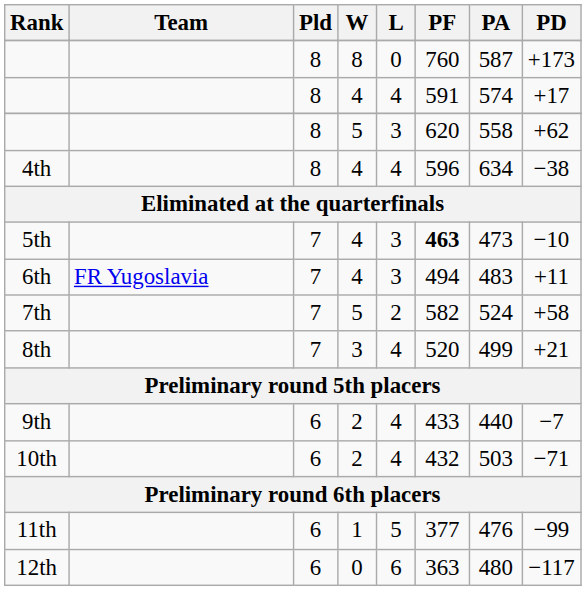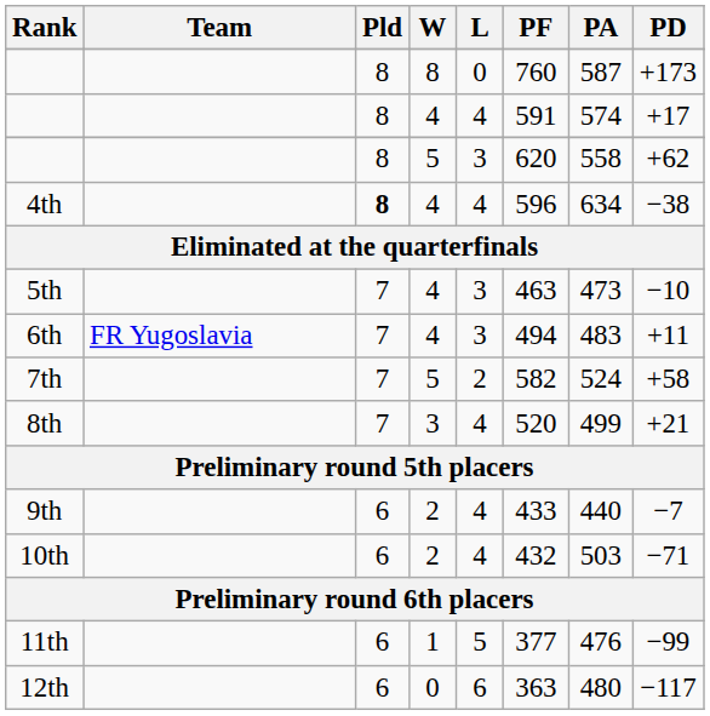 <table class=wikitable>
 <tr>
 <th>Rank</th>
 <th width=150px>Team</th>
 <th width=20px>Pld</th>
 <th width=20px>W</th>
 <th width=20px>L</th>
 <th width=30px>PF</th>
 <th width=30px>PA</th>
 <th width=30px>PD</th>
 </tr>
 <tr>
 </tr>
 <tr align=center>
 <td></td>
 <td align=left></td>
 <td>8</td>
 <td>8</td>
 <td>0</td>
 <td>760</td>
 <td>587</td>
 <td>+173</td>
 </tr>
 <tr align=center>
 <td></td>
 <td align=left></td>
 <td>8</td>
 <td>4</td>
 <td>4</td>
 <td>591</td>
 <td>574</td>
 <td>+17</td>
 </tr>
 <tr>
 </tr>
 <tr align=center>
 <td></td>
 <td align=left></td>
 <td>8</td>
 <td>5</td>
 <td>3</td>
 <td>620</td>
 <td>558</td>
 <td>+62</td>
 </tr>
 <tr align=center>
 <td>4th</td>
 <td align=left></td>
-<td>8</td>
+<td><strong>8</strong></td>
 <td>4</td>
 <td>4</td>
 <td>596</td>
 <td>634</td>
 <td>−38</td>
 </tr>
 <tr>
 <th colspan=11>Eliminated at the quarterfinals</th>
 </tr>
 <tr align=center>
 <td>5th</td>
 <td align=left></td>
 <td>7</td>
 <td>4</td>
 <td>3</td>
-<td><strong>463</strong></td>
+<td>463</td>
 <td>473</td>
 <td>−10</td>
 </tr>
 <tr align=center>
 <td>6th</td>
 <td align=left> <a href='#'>FR Yugoslavia</a></td>
 <td>7</td>
 <td>4</td>
 <td>3</td>
 <td>494</td>
 <td>483</td>
 <td>+11</td>
 </tr>
 <tr align=center>
 <td>7th</td>
 <td align=left></td>
 <td>7</td>
 <td>5</td>
 <td>2</td>
 <td>582</td>
 <td>524</td>
 <td>+58</td>
 </tr>
 <tr align=center>
 <td>8th</td>
 <td align=left></td>
 <td>7</td>
 <td>3</td>
 <td>4</td>
 <td>520</td>
 <td>499</td>
 <td>+21</td>
 </tr>
 <tr>
 <th colspan=11>Preliminary round 5th placers</th>
 </tr>
 <tr align=center>
 <td>9th</td>
 <td align=left></td>
 <td>6</td>
 <td>2</td>
 <td>4</td>
 <td>433</td>
 <td>440</td>
 <td>−7</td>
 </tr>
 <tr align=center>
 <td>10th</td>
 <td align=left></td>
 <td>6</td>
 <td>2</td>
 <td>4</td>
 <td>432</td>
 <td>503</td>
 <td>−71</td>
 </tr>
 <tr>
 <th colspan=11>Preliminary round 6th placers</th>
 </tr>
 <tr align=center>
 <td>11th</td>
 <td align=left></td>
 <td>6</td>
 <td>1</td>
 <td>5</td>
 <td>377</td>
 <td>476</td>
 <td>−99</td>
 </tr>
 <tr align=center>
 <td>12th</td>
 <td align=left></td>
 <td>6</td>
 <td>0</td>
 <td>6</td>
 <td>363</td>
 <td>480</td>
 <td>−117</td>
 </tr>
 </table>
